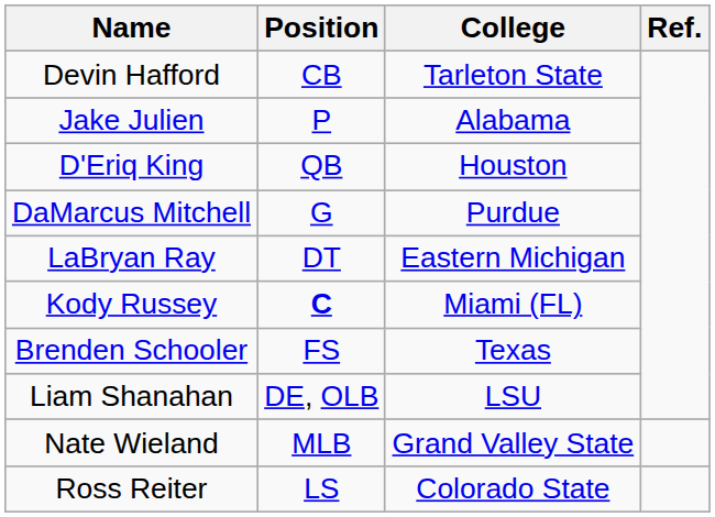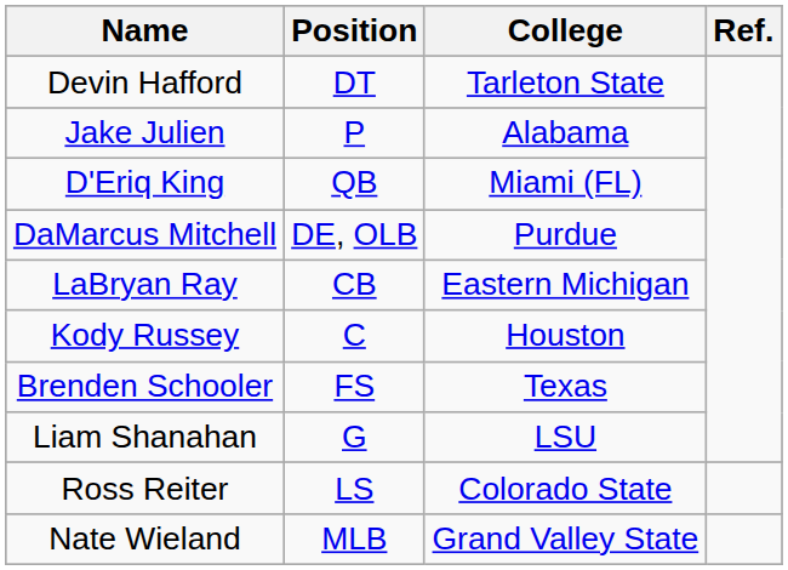 <table class="wikitable" style="text-align:center">
 <tr>
 <th>Name</th>
 <th>Position</th>
 <th>College</th>
 <th>Ref.</th>
 </tr>
 <tr>
 <td>Devin Hafford</td>
-<td><a href='#'>CB</a></td>
+<td><a href='#'>DT</a></td>
 <td><a href='#'>Tarleton State</a></td>
 <td rowspan = 8></td>
 </tr>
 <tr>
 <td><a href='#'>Jake Julien</a></td>
 <td><a href='#'>P</a></td>
 <td><a href='#'>Alabama</a></td>
 </tr>
 <tr>
 <td><a href='#'>D'Eriq King</a></td>
 <td><a href='#'>QB</a></td>
-<td><a href='#'>Houston</a></td>
+<td><a href='#'>Miami (FL)</a></td>
 </tr>
 <tr>
 <td><a href='#'>DaMarcus Mitchell</a></td>
-<td><a href='#'>G</a></td>
+<td><a href='#'>DE</a>, <a href='#'>OLB</a></td>
 <td><a href='#'>Purdue</a></td>
 </tr>
 <tr>
 <td><a href='#'>LaBryan Ray</a></td>
-<td><a href='#'>DT</a></td>
+<td><a href='#'>CB</a></td>
 <td><a href='#'>Eastern Michigan</a></td>
 </tr>
 <tr>
 <td><a href='#'>Kody Russey</a></td>
-<td><strong><a href='#'>C</a></strong></td>
-<td><a href='#'>Miami (FL)</a></td>
+<td><a href='#'>C</a></td>
+<td><a href='#'>Houston</a></td>
 </tr>
 <tr>
 <td><a href='#'>Brenden Schooler</a></td>
 <td><a href='#'>FS</a></td>
 <td><a href='#'>Texas</a></td>
 </tr>
 <tr>
 <td>Liam Shanahan</td>
-<td><a href='#'>DE</a>, <a href='#'>OLB</a></td>
+<td><a href='#'>G</a></td>
 <td><a href='#'>LSU</a></td>
+</tr>
+<tr>
+<td>Ross Reiter</td>
+<td><a href='#'>LS</a></td>
+<td><a href='#'>Colorado State</a></td>
+<td></td>
 </tr>
 <tr>
 <td>Nate Wieland</td>
 <td><a href='#'>MLB</a></td>
 <td><a href='#'>Grand Valley State</a></td>
 <td></td>
 </tr>
-<tr>
-<td>Ross Reiter</td>
-<td><a href='#'>LS</a></td>
-<td><a href='#'>Colorado State</a></td>
-<td></td>
-</tr>
 </table>
